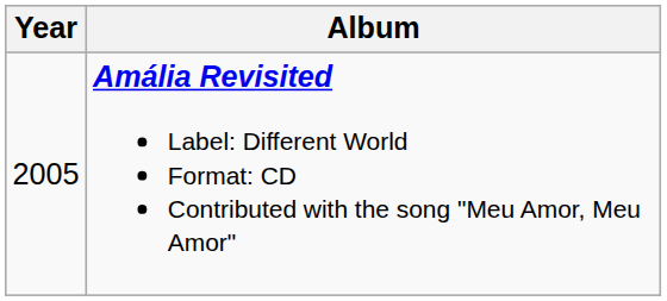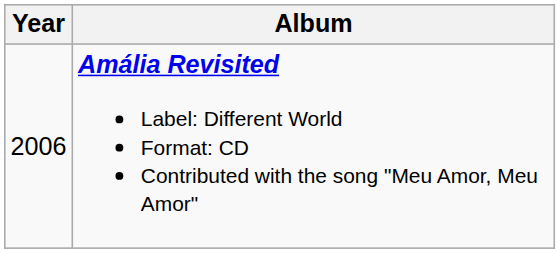 <table class="wikitable">
 <tr>
 <th>Year</th>
 <th style="width:300px;">Album</th>
 </tr>
 <tr>
-<td>2005</td>
+<td>2006</td>
 <td align=left><strong><em><a href='#'>Amália Revisited</a></em></strong><br><ul><li><small>Label: Different World</small></li><li><small>Format: CD</small></li><li><small>Contributed with the song "Meu Amor, Meu Amor"</small></li></ul></td>
 </tr>
 </table>
